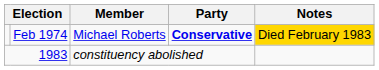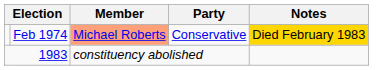 <table class="wikitable">
 <tr>
 <th colspan="2">Election</th>
 <th>Member</th>
 <th>Party</th>
 <th>Notes</th>
 </tr>
 <tr>
 <td style="color:inherit;background-color: "></td>
 <td><a href='#'>Feb 1974</a></td>
-<td><a href='#'>Michael Roberts</a></td>
-<td><strong><a href='#'>Conservative</a></strong></td>
+<td style="background: lightsalmon;"><a href='#'>Michael Roberts</a></td>
+<td><a href='#'>Conservative</a></td>
 <td style="background: gold;">Died February 1983</td>
 </tr>
 <tr>
 <td colspan="2" align="right"><a href='#'>1983</a></td>
 <td colspan="2"><em>constituency abolished</em></td>
 </tr>
 </table>
